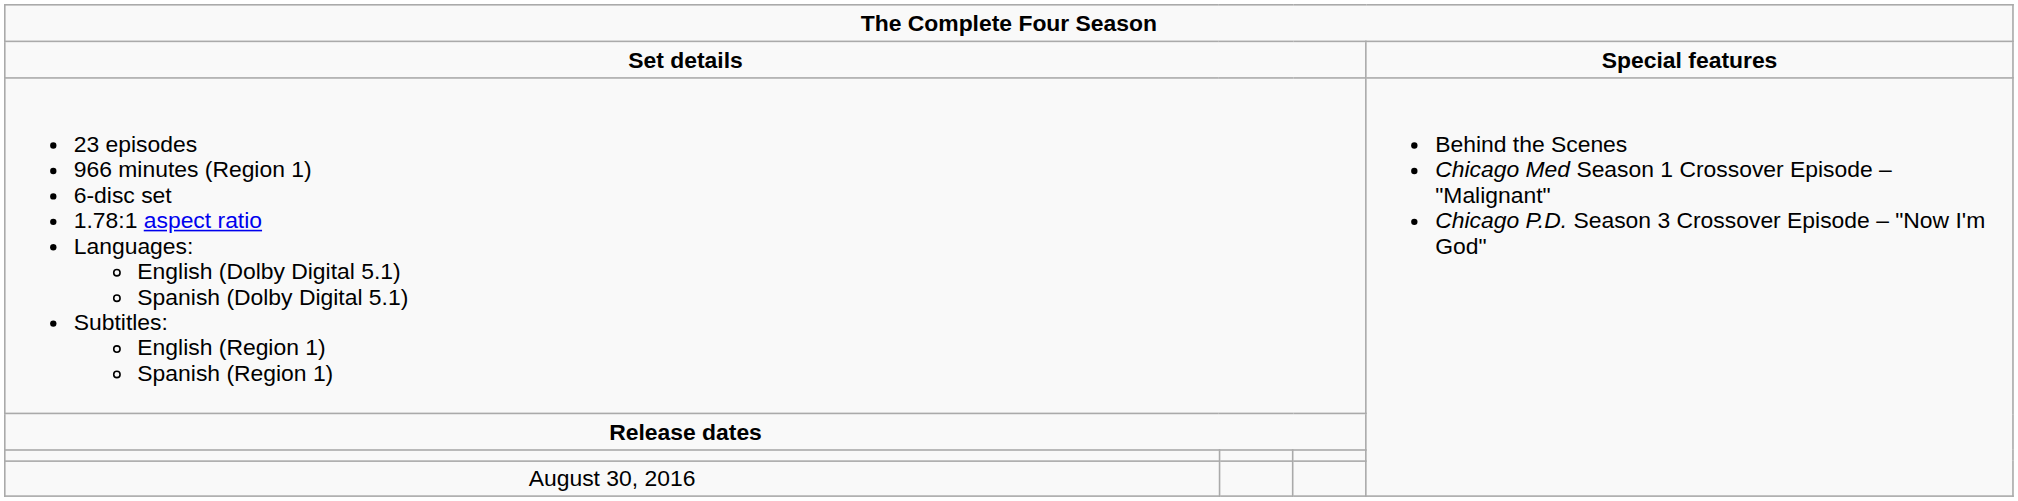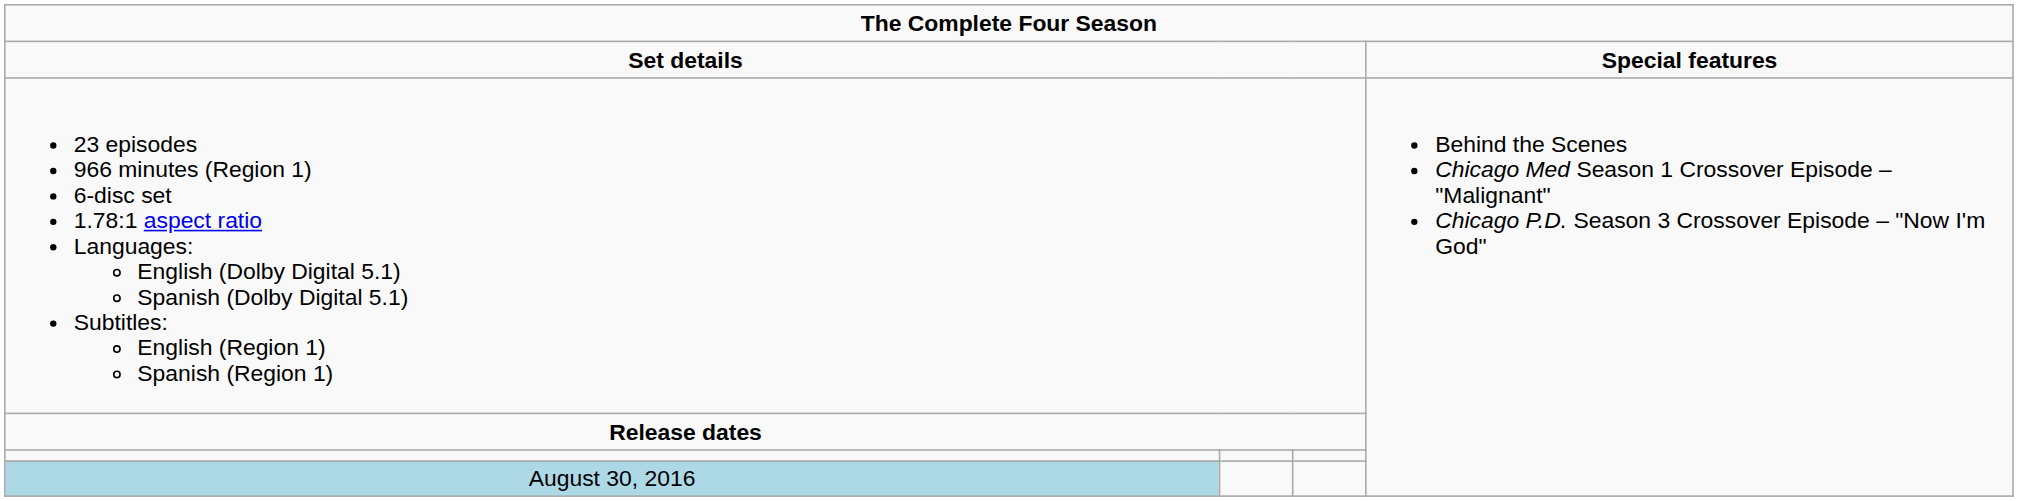 <table class="wikitable plainrowheaders" style="font-size:90%; text-align:center; width: 100%; margin-left: auto; margin-right: auto;">
 <tr>
 <td colspan="6"><strong>The Complete Four Season</strong></td>
 </tr>
 <tr>
 <td align="center" width="300" colspan="3"><strong>Set details</strong></td>
 <td width="400" align="center"><strong>Special features</strong></td>
 </tr>
 <tr valign="top">
 <td colspan="3" align="left" width="300"><br><ul><li>23 episodes</li><li>966 minutes (Region 1)</li><li>6-disc set</li><li>1.78:1 <a href='#'>aspect ratio</a></li><li>Languages:<ul><li>English (Dolby Digital 5.1)</li><li>Spanish (Dolby Digital 5.1)</li></ul></li><li>Subtitles:<ul><li>English (Region 1)</li><li>Spanish (Region 1)</li></ul></li></ul></td>
 <td rowspan="4" align="left" width="400"><br><ul><li>Behind the Scenes</li><li><em>Chicago Med</em> Season 1 Crossover Episode – "Malignant"</li><li><em>Chicago P.D.</em> Season 3 Crossover Episode – "Now I'm God"</li></ul></td>
 </tr>
 <tr>
 <td colspan="3" align="center"><strong>Release dates</strong></td>
 </tr>
 <tr>
 <td align="center"></td>
 <td align="center"></td>
 <td align="center"></td>
 </tr>
 <tr>
-<td align="center">August 30, 2016</td>
+<td align="center" style="background: lightblue;">August 30, 2016</td>
 <td align="center"></td>
 <td align="center"></td>
 </tr>
 </table>
